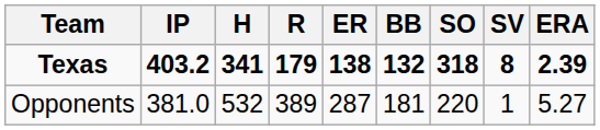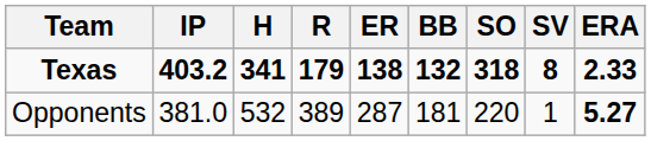 <table class="wikitable sortable">
 <tr>
 <th>Team</th>
 <th>IP</th>
 <th>H</th>
 <th>R</th>
 <th>ER</th>
 <th>BB</th>
 <th>SO</th>
 <th>SV</th>
 <th>ERA</th>
 </tr>
 <tr style="text-align:center; font-weight: bold;">
 <td>Texas</td>
 <td>403.2</td>
 <td>341</td>
 <td>179</td>
 <td>138</td>
 <td>132</td>
 <td>318</td>
 <td>8</td>
-<td>2.39</td>
+<td>2.33</td>
 </tr>
 <tr style="text-align:center;">
 <td>Opponents</td>
 <td>381.0</td>
 <td>532</td>
 <td>389</td>
 <td>287</td>
 <td>181</td>
 <td>220</td>
 <td>1</td>
-<td>5.27</td>
+<td><strong>5.27</strong></td>
 </tr>
 </table>
